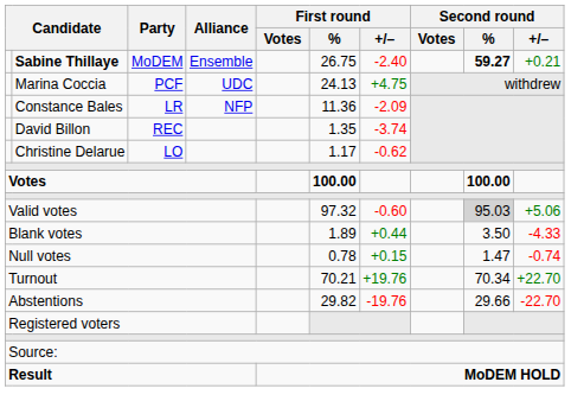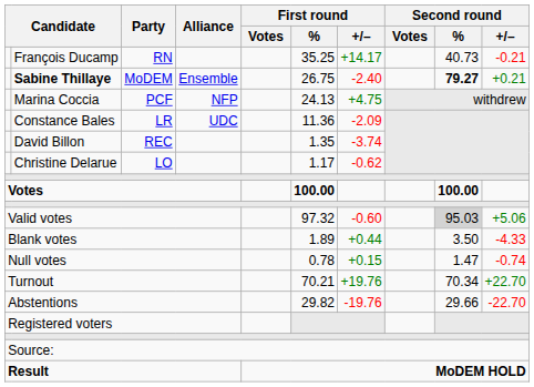 <table class="wikitable" style="text-align:right;font-size:95%;">
 <tr>
 <th rowspan="2" colspan="2">Candidate</th>
 <th colspan="1" rowspan="2">Party</th>
 <th colspan="1" rowspan="2">Alliance</th>
 <th colspan="3">First round</th>
 <th colspan="3">Second round</th>
 </tr>
 <tr>
 <th style="width:50px;">Votes</th>
 <th style="width:45px;">%</th>
 <th style="width:45px;">+/–</th>
 <th style="width:50px;">Votes</th>
 <th style="width:45px;">%</th>
 <th style="width:45px;">+/–</th>
 </tr>
 <tr>
 <td style="color:inherit;background:"></td>
+<td style="text-align:left;">François Ducamp</td>
+<td><a href='#'>RN</a></td>
+<td></td>
+<td></td>
+<td>35.25</td>
+<td style="color:green;">+14.17</td>
+<td></td>
+<td>40.73</td>
+<td style="color:red;">-0.21</td>
+</tr>
+<tr>
+<td style="color:inherit;background:"></td>
 <td style="text-align:left;"><strong>Sabine Thillaye</strong></td>
 <td><a href='#'>MoDEM</a></td>
 <td><a href='#'>Ensemble</a></td>
 <td></td>
 <td>26.75</td>
 <td style="color:red;">-2.40</td>
 <td><strong></strong></td>
-<td><strong>59.27</strong></td>
+<td><strong>79.27</strong></td>
 <td style="color:green;">+0.21</td>
 </tr>
 <tr>
 <td style="color:inherit;background:"></td>
 <td style="text-align:left;">Marina Coccia</td>
 <td><a href='#'>PCF</a></td>
-<td><a href='#'>UDC</a></td>
+<td><a href='#'>NFP</a></td>
 <td></td>
 <td>24.13</td>
 <td style="color:green;">+4.75</td>
 <td colspan="3" style="background:#E9E9E9;">withdrew</td>
 </tr>
 <tr>
 <td style="color:inherit;background:"></td>
 <td style="text-align:left;">Constance Bales</td>
 <td><a href='#'>LR</a></td>
-<td><a href='#'>NFP</a></td>
+<td><a href='#'>UDC</a></td>
 <td></td>
 <td>11.36</td>
 <td style="color:red;">-2.09</td>
 <td colspan="3" rowspan="3" style="background:#E9E9E9;"></td>
 </tr>
 <tr>
 <td style="color:inherit;background:"></td>
 <td style="text-align:left;">David Billon</td>
 <td><a href='#'>REC</a></td>
 <td></td>
 <td></td>
 <td>1.35</td>
 <td style="color:red;">-3.74</td>
 </tr>
 <tr>
 <td style="color:inherit;background:"></td>
 <td style="text-align:left;">Christine Delarue</td>
 <td><a href='#'>LO</a></td>
 <td></td>
 <td></td>
 <td>1.17</td>
 <td style="color:red;">-0.62</td>
 </tr>
 <tr>
 <td colspan="10" style="background:#E9E9E9;"></td>
 </tr>
 <tr style="font-weight:bold;">
 <td colspan="4" style="text-align:left;">Votes</td>
 <td></td>
 <td>100.00</td>
 <td></td>
 <td></td>
 <td>100.00</td>
 <td></td>
 </tr>
 <tr>
 <td colspan="10" style="background:#E9E9E9;"></td>
 </tr>
 <tr>
 <td colspan="4" style="text-align:left;">Valid votes</td>
 <td></td>
 <td>97.32</td>
 <td style="color:red;">-0.60</td>
 <td></td>
 <td style="background: lightgrey;">95.03</td>
 <td style="color:green;">+5.06</td>
 </tr>
 <tr>
 <td colspan="4" style="text-align:left;">Blank votes</td>
 <td></td>
 <td>1.89</td>
 <td style="color:green;">+0.44</td>
 <td></td>
 <td>3.50</td>
 <td style="color:red;">-4.33</td>
 </tr>
 <tr>
 <td colspan="4" style="text-align:left;">Null votes</td>
 <td></td>
 <td>0.78</td>
 <td style="color:green;">+0.15</td>
 <td></td>
 <td>1.47</td>
 <td style="color:red;">-0.74</td>
 </tr>
 <tr>
 <td colspan="4" style="text-align:left;">Turnout</td>
 <td></td>
 <td>70.21</td>
 <td style="color:green;">+19.76</td>
 <td></td>
 <td>70.34</td>
 <td style="color:green;">+22.70</td>
 </tr>
 <tr>
 <td colspan="4" style="text-align:left;">Abstentions</td>
 <td></td>
 <td>29.82</td>
 <td style="color:red;">-19.76</td>
 <td></td>
 <td>29.66</td>
 <td style="color:red;">-22.70</td>
 </tr>
 <tr>
 <td colspan="4" style="text-align:left;">Registered voters</td>
 <td></td>
 <td colspan="2" style="background:#E9E9E9;"></td>
 <td></td>
 <td colspan="2" style="background:#E9E9E9;"></td>
 </tr>
 <tr>
 <td colspan="10" style="background:#E9E9E9;"></td>
 </tr>
 <tr>
 <td colspan="10" style="text-align:left;">Source: </td>
 </tr>
 <tr style="font-weight:bold">
 <td colspan="4" style="text-align:left;">Result</td>
 <td colspan="6" style="background-color:">MoDEM HOLD</td>
 </tr>
 </table>
